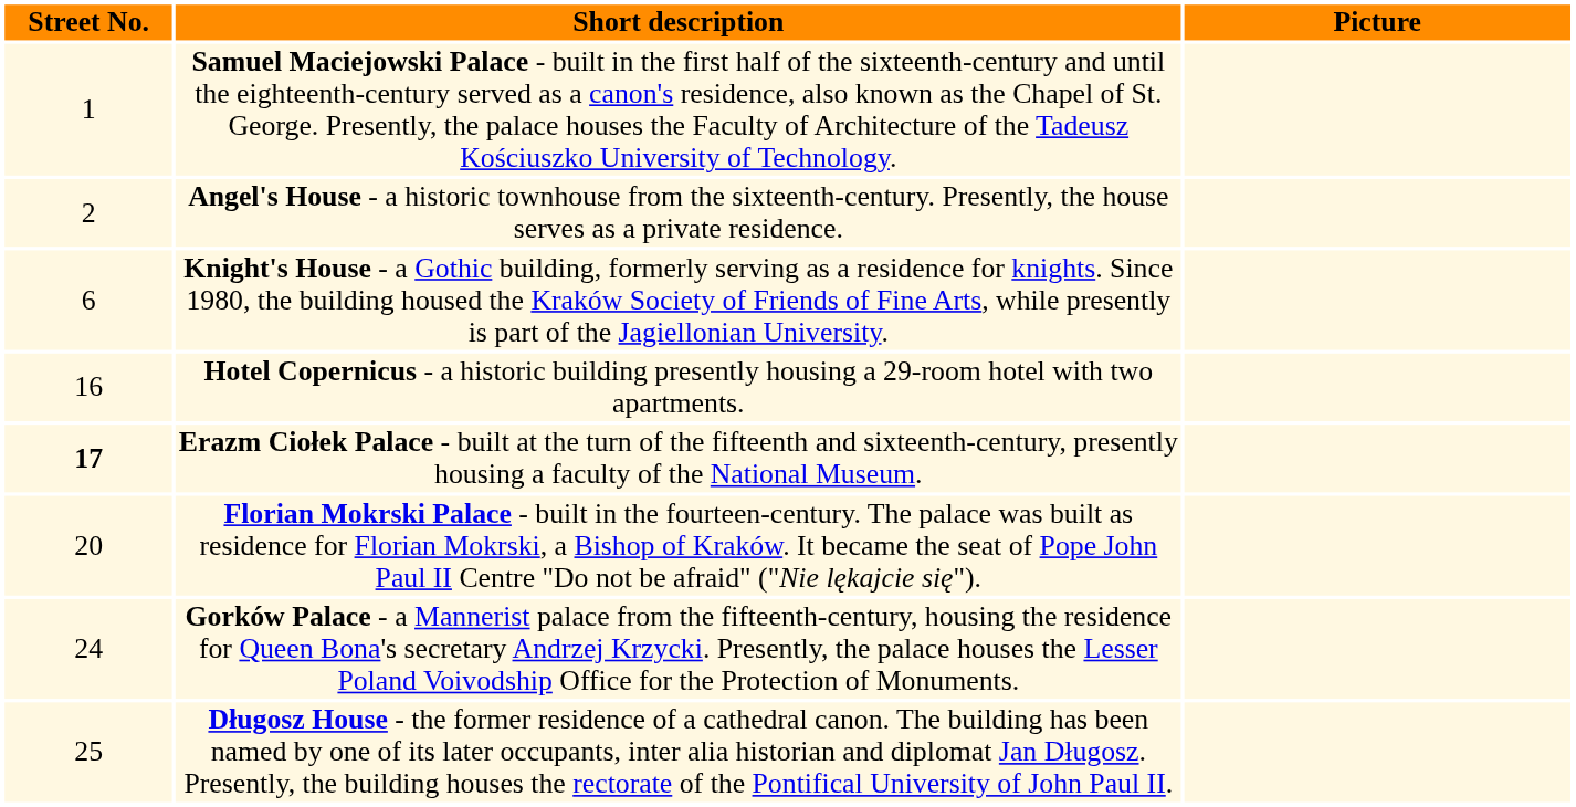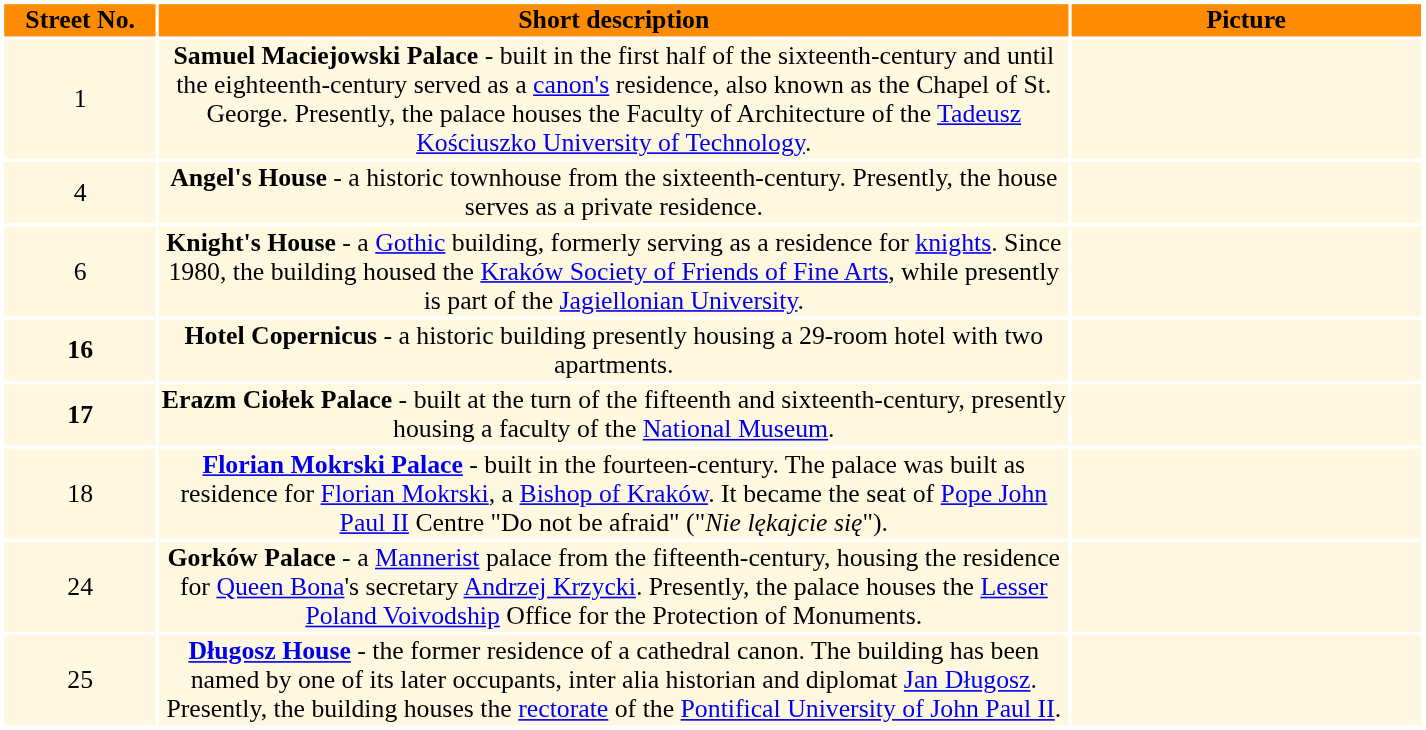 <table>
 <tr ---- bgcolor="#FF 8C 00">
 <th width=4%>Street No.</th>
 <th width=26%>Short description</th>
 <th width=10%>Picture</th>
 </tr>
 <tr ---- bgcolor="#FFF8E1">
 <td align="center">1</td>
 <td align="center"><strong>Samuel Maciejowski Palace</strong> - built in the first half of the sixteenth-century and until the eighteenth-century served as a <a href='#'>canon's</a> residence, also known as the Chapel of St. George. Presently, the palace houses the Faculty of Architecture of the <a href='#'>Tadeusz Kościuszko University of Technology</a>.</td>
 <td align="center"></td>
 </tr>
 <tr ---- bgcolor="#FFF8E1">
-<td align="center">2</td>
+<td align="center">4</td>
 <td align="center"><strong>Angel's House</strong> - a historic townhouse from the sixteenth-century. Presently, the house serves as a private residence.</td>
 <td align="center"></td>
 </tr>
 <tr ---- bgcolor="#FFF8E1">
 <td align="center">6</td>
 <td align="center"><strong>Knight's House</strong> - a <a href='#'>Gothic</a> building, formerly serving as a residence for <a href='#'>knights</a>. Since 1980, the building housed the <a href='#'>Kraków Society of Friends of Fine Arts</a>, while presently is part of the <a href='#'>Jagiellonian University</a>.</td>
 <td align="center"></td>
 </tr>
 <tr ---- bgcolor="#FFF8E1">
-<td align="center">16</td>
+<td align="center"><strong>16</strong></td>
 <td align="center"><strong>Hotel Copernicus</strong> - a historic building presently housing a 29-room hotel with two apartments.</td>
 <td align="center"></td>
 </tr>
 <tr ---- bgcolor="#FFF8E1">
 <td align="center"><strong>17</strong></td>
 <td align="center"><strong>Erazm Ciołek Palace</strong> - built at the turn of the fifteenth and sixteenth-century, presently housing a faculty of the <a href='#'>National Museum</a>.</td>
 <td align="center"></td>
 </tr>
 <tr ---- bgcolor="#FFF8E1">
-<td align="center">20</td>
+<td align="center">18</td>
 <td align="center"><strong><a href='#'>Florian Mokrski Palace</a></strong> - built in the fourteen-century. The palace was built as residence for <a href='#'>Florian Mokrski</a>, a <a href='#'>Bishop of Kraków</a>. It became the seat of <a href='#'>Pope John Paul II</a> Centre "Do not be afraid" ("<em>Nie lękajcie się</em>").</td>
 <td align="center"></td>
 </tr>
 <tr ---- bgcolor="#FFF8E1">
 <td align="center">24</td>
 <td align="center"><strong>Gorków Palace</strong> - a <a href='#'>Mannerist</a> palace from the fifteenth-century, housing the residence for <a href='#'>Queen Bona</a>'s secretary <a href='#'>Andrzej Krzycki</a>. Presently, the palace houses the <a href='#'>Lesser Poland Voivodship</a> Office for the Protection of Monuments.</td>
 <td align="center"></td>
 </tr>
 <tr ---- bgcolor="#FFF8E1">
 <td align="center">25</td>
 <td align="center"><strong><a href='#'>Długosz House</a></strong> - the former residence of a cathedral canon. The building has been named by one of its later occupants, inter alia historian and diplomat <a href='#'>Jan Długosz</a>. Presently, the building houses the <a href='#'>rectorate</a> of the <a href='#'>Pontifical University of John Paul II</a>.</td>
 <td align="center"></td>
 </tr>
 </table>
